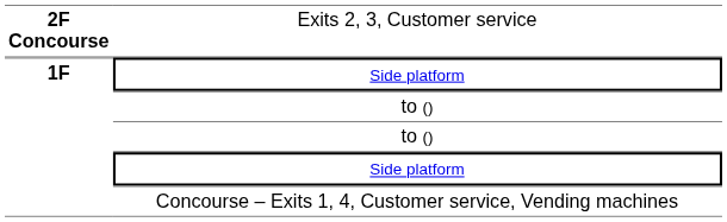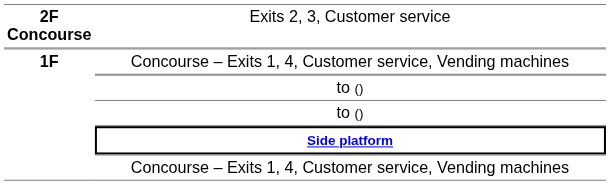 <table table border=0 cellspacing=0 cellpadding=3>
 <tr>
 <td style="border-bottom:solid 1px gray; border-top:solid 1px gray;text-align:center" valign=top><strong>2F<br>Concourse</strong></td>
 <td style="border-bottom:solid 1px gray; border-top:solid 1px gray;text-align:center" valign=top width=500>Exits 2, 3, Customer service</td>
 </tr>
 <tr>
 <td style="border-bottom:solid 1px gray; border-top:solid 1px gray;text-align:center" valign=top width=50 rowspan=5><strong>1F</strong></td>
-<td style="border-right:solid 2px black;border-left:solid 2px black;border-top:solid 2px black;border-bottom:solid 2px black;text-align:center;"><small><a href='#'>Side platform</a></small></td>
+<td style="border-bottom:solid 1px gray;border-top:solid 1px gray;text-align:center;" valign=top width=500>Concourse – Exits 1, 4, Customer service, Vending machines</td>
 </tr>
 <tr>
 <td style="border-bottom:solid 1px gray;border-top:solid 1px gray;text-align:center;">  to  <small>()</small></td>
 </tr>
 <tr>
 <td style="border-bottom:solid 1px gray;text-align:center;"> to  <small>() </small></td>
 </tr>
 <tr>
-<td style="border-right:solid 2px black;border-left:solid 2px black;border-top:solid 2px black;border-bottom:solid 2px black;text-align:center;"><small><a href='#'>Side platform</a></small></td>
+<td style="border-right:solid 2px black;border-left:solid 2px black;border-top:solid 2px black;border-bottom:solid 2px black;text-align:center;"><strong><small><a href='#'>Side platform</a></small></strong></td>
 </tr>
 <tr>
 <td style="border-bottom:solid 1px gray;border-top:solid 1px gray;text-align:center;" valign=top width=500>Concourse – Exits 1, 4, Customer service, Vending machines</td>
 </tr>
 </table>
